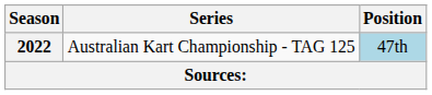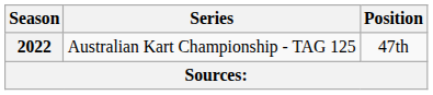 <table class="wikitable" style="font-size: 85%; text-align:center">
 <tr>
 <th>Season</th>
 <th>Series</th>
 <th>Position</th>
 </tr>
 <tr>
 <th>2022</th>
 <td align="left">Australian Kart Championship - TAG 125</td>
-<td style="background: lightblue;">47th</td>
+<td>47th</td>
 </tr>
 <tr>
 <th colspan="3">Sources:</th>
 </tr>
 </table>
